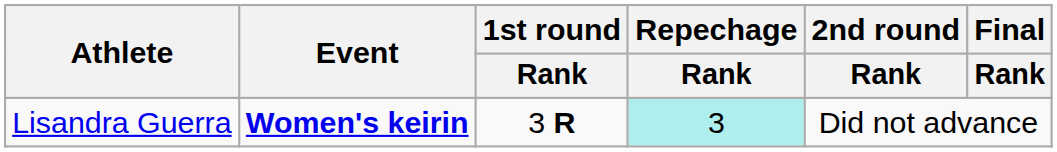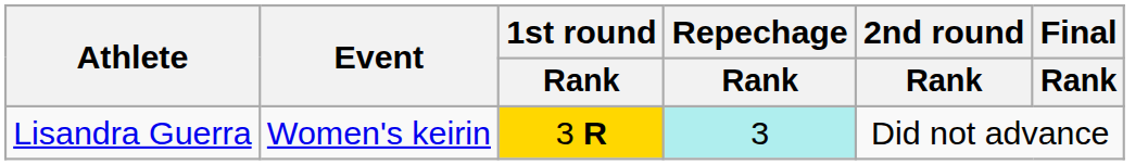 <table class="wikitable" style="font-size:90%">
 <tr>
 <th rowspan=2>Athlete</th>
 <th rowspan=2>Event</th>
 <th>1st round</th>
 <th>Repechage</th>
 <th>2nd round</th>
 <th>Final</th>
 </tr>
 <tr style="font-size:95%">
 <th>Rank</th>
 <th>Rank</th>
 <th>Rank</th>
 <th>Rank</th>
 </tr>
 <tr align=center>
 <td align=left><a href='#'>Lisandra Guerra</a></td>
-<td align=left><strong><a href='#'>Women's keirin</a></strong></td>
-<td>3 <strong>R</strong></td>
+<td align=left><a href='#'>Women's keirin</a></td>
+<td style="background: gold;">3 <strong>R</strong></td>
 <td style="background: paleturquoise;">3</td>
 <td colspan=2>Did not advance</td>
 </tr>
 </table>
